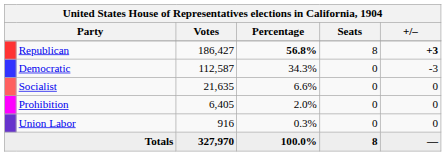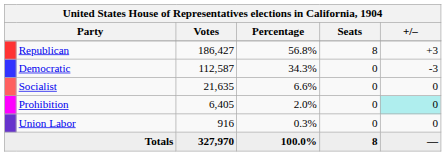 <table class="wikitable" style="font-size: 95%;">
 <tr>
 <th colspan="6">United States House of Representatives elections in California, 1904</th>
 </tr>
 <tr>
 <th colspan=2 style="width: 15em">Party</th>
 <th style="width: 5em">Votes</th>
 <th style="width: 7em">Percentage</th>
 <th style="width: 5em">Seats</th>
 <th style="width: 5em">+/–</th>
 </tr>
 <tr>
 </tr>
 <tr>
 <th style="background-color:#FF3333; width: 3px"></th>
 <td style="width: 130px"><a href='#'>Republican</a></td>
 <td style="text-align:right;">186,427</td>
-<td style="text-align:right;"><strong>56.8%</strong></td>
+<td style="text-align:right;">56.8%</td>
 <td style="text-align:right;">8</td>
-<td style="text-align:right;"><strong>+3</strong></td>
+<td style="text-align:right;">+3</td>
 </tr>
 <tr>
 <th style="background-color:#3333FF; width: 3px"></th>
 <td style="width: 130px"><a href='#'>Democratic</a></td>
 <td style="text-align:right;">112,587</td>
 <td style="text-align:right;">34.3%</td>
 <td style="text-align:right;">0</td>
 <td style="text-align:right;">-3</td>
 </tr>
 <tr>
 <th style="background-color:#FF6060; width: 3px"></th>
 <td style="width: 130px"><a href='#'>Socialist</a></td>
 <td style="text-align:right;">21,635</td>
 <td style="text-align:right;">6.6%</td>
 <td style="text-align:right;">0</td>
 <td style="text-align:right;">0</td>
 </tr>
 <tr>
 <th style="background-color:#FF00FF; width: 3px"></th>
 <td style="width: 130px"><a href='#'>Prohibition</a></td>
 <td style="text-align:right;">6,405</td>
 <td style="text-align:right;">2.0%</td>
 <td style="text-align:right;">0</td>
-<td style="text-align:right;">0</td>
+<td style="background: paleturquoise; text-align:right;">0</td>
 </tr>
 <tr>
 <th style="background-color:#6633CC; width: 3px"></th>
 <td style="width: 130px"><a href='#'>Union Labor</a></td>
 <td style="text-align:right;">916</td>
 <td style="text-align:right;">0.3%</td>
 <td style="text-align:right;">0</td>
 <td style="text-align:right;">0</td>
 </tr>
 <tr style="background-color:#EEEEEE;">
 <td colspan="2" align="right"><strong>Totals</strong></td>
 <td style="text-align:right;"><strong>327,970</strong></td>
 <td style="text-align:right;"><strong>100.0%</strong></td>
 <td style="text-align:right;"><strong>8</strong></td>
 <td style="text-align:right;"><strong>—</strong></td>
 </tr>
 </table>
